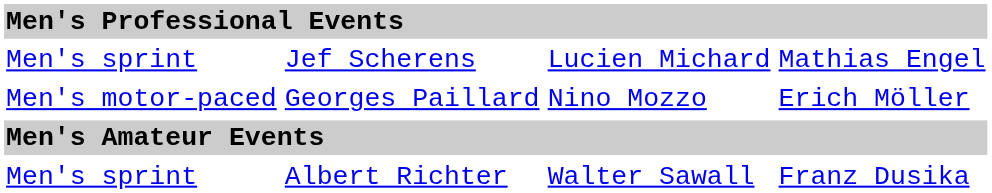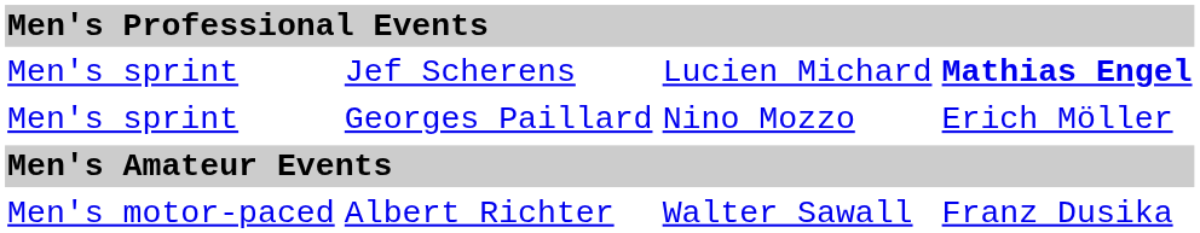 <table>
 <tr bgcolor="#cccccc">
 <td colspan=7><strong>Men's Professional Events</strong></td>
 </tr>
 <tr>
 <td><a href='#'>Men's sprint</a> <br></td>
 <td><a href='#'>Jef Scherens</a><br></td>
 <td><a href='#'>Lucien Michard</a><br></td>
-<td><a href='#'>Mathias Engel</a><br></td>
+<td><strong><a href='#'>Mathias Engel</a><br></strong></td>
 </tr>
 <tr>
-<td><a href='#'>Men's motor-paced</a><br></td>
+<td><a href='#'>Men's sprint</a> <br></td>
 <td><a href='#'>Georges Paillard</a><br></td>
 <td><a href='#'>Nino Mozzo</a> <br></td>
 <td><a href='#'>Erich Möller</a><br></td>
 </tr>
 <tr bgcolor="#cccccc">
 <td colspan=7><strong>Men's Amateur Events</strong></td>
 </tr>
 <tr>
-<td><a href='#'>Men's sprint</a> <br></td>
+<td><a href='#'>Men's motor-paced</a><br></td>
 <td><a href='#'>Albert Richter</a><br></td>
 <td><a href='#'>Walter Sawall</a><br></td>
 <td><a href='#'>Franz Dusika</a><br></td>
 </tr>
 </table>
